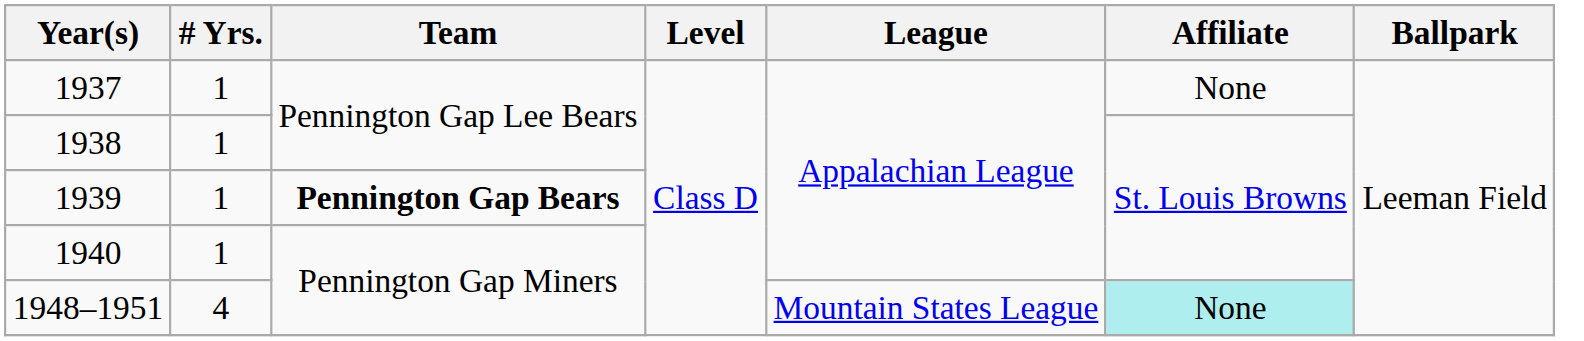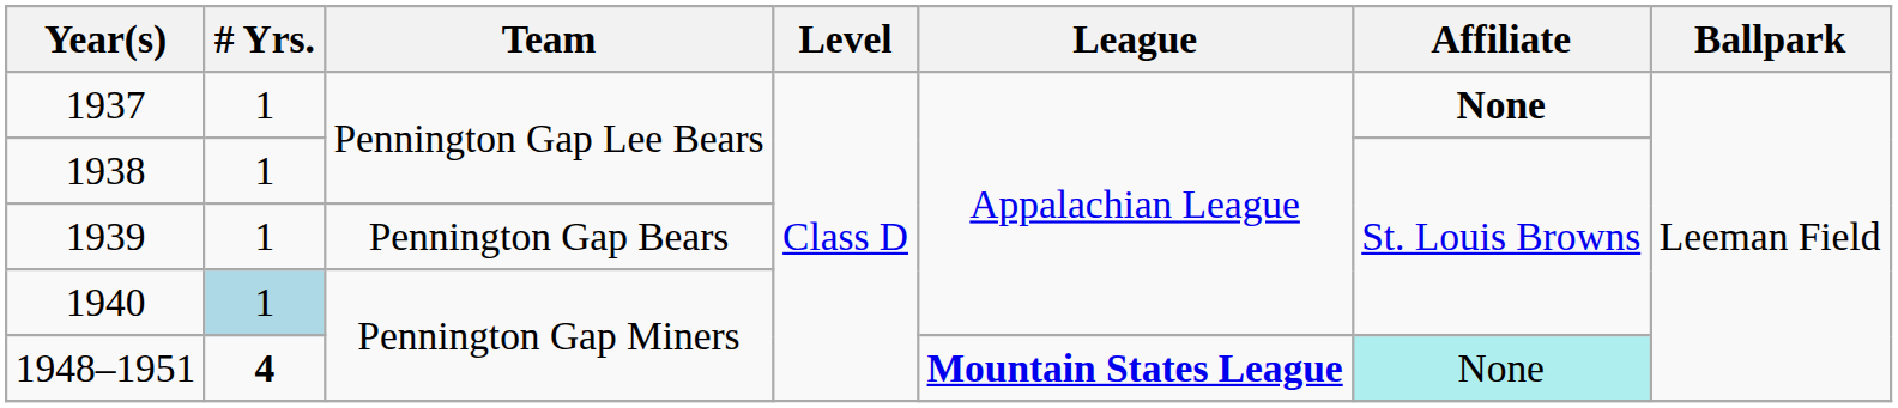 <table class="wikitable" style="text-align:center; font-size: 95%;">
 <tr>
 <th>Year(s)</th>
 <th># Yrs.</th>
 <th>Team</th>
 <th>Level</th>
 <th>League</th>
 <th>Affiliate</th>
 <th>Ballpark</th>
 </tr>
 <tr>
 <td>1937</td>
 <td>1</td>
 <td rowspan=2>Pennington Gap Lee Bears</td>
 <td rowspan=8><a href='#'>Class D</a></td>
 <td rowspan=4><a href='#'>Appalachian League</a></td>
-<td>None</td>
+<td><strong>None</strong></td>
 <td rowspan=5>Leeman Field</td>
 </tr>
 <tr>
 <td>1938</td>
 <td>1</td>
 <td rowspan=3><a href='#'>St. Louis Browns</a></td>
 </tr>
 <tr>
 <td>1939</td>
 <td>1</td>
-<td><strong>Pennington Gap Bears</strong></td>
+<td>Pennington Gap Bears</td>
 </tr>
 <tr>
 <td>1940</td>
-<td>1</td>
+<td style="background: lightblue;">1</td>
 <td rowspan=2>Pennington Gap Miners</td>
 </tr>
 <tr>
 <td>1948–1951</td>
-<td>4</td>
-<td><a href='#'>Mountain States League</a></td>
+<td><strong>4</strong></td>
+<td><strong><a href='#'>Mountain States League</a></strong></td>
 <td style="background: paleturquoise;">None</td>
 </tr>
 <tr>
 </tr>
 </table>
